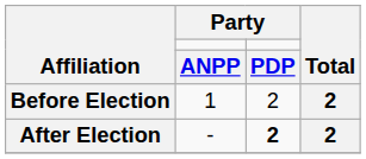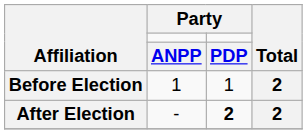 <table class=wikitable style="text-align:center">
 <tr style="vertical-align:bottom;">
 <th rowspan=3>Affiliation</th>
 <th colspan=2>Party</th>
 <th rowspan=3>Total</th>
 </tr>
 <tr>
 <td style="background-color:"></td>
 <td style="background-color:"></td>
 </tr>
 <tr>
 <th><a href='#'>ANPP</a></th>
 <th><a href='#'>PDP</a></th>
 </tr>
 <tr>
 <th>Before Election</th>
 <td>1</td>
-<td>2</td>
+<td>1</td>
 <th>2</th>
 </tr>
 <tr>
 <th>After Election</th>
 <td>-</td>
 <td><strong>2</strong></td>
 <th>2</th>
 </tr>
 <tr>
 </tr>
 </table>
